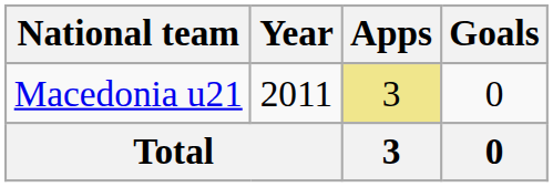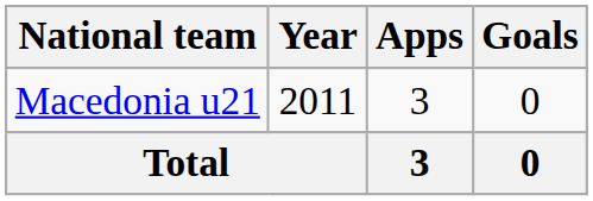 <table class="wikitable" style="text-align:center;">
 <tr>
 <th>National team</th>
 <th>Year</th>
 <th>Apps</th>
 <th>Goals</th>
 </tr>
 <tr>
 <td rowspan="1"><a href='#'>Macedonia u21</a></td>
 <td>2011</td>
-<td style="background: khaki;">3</td>
+<td>3</td>
 <td>0</td>
 </tr>
 <tr>
 <th colspan=2>Total</th>
 <th>3</th>
 <th>0</th>
 </tr>
 </table>
